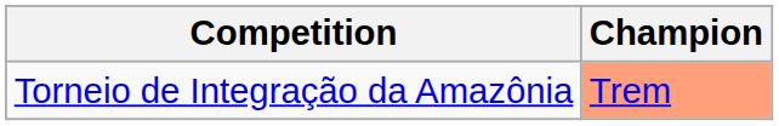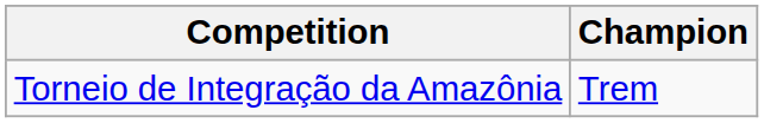 <table class="wikitable">
 <tr>
 <th>Competition</th>
 <th>Champion</th>
 </tr>
 <tr>
 <td><a href='#'>Torneio de Integração da Amazônia</a></td>
-<td style="background: lightsalmon;"><a href='#'>Trem</a></td>
+<td><a href='#'>Trem</a></td>
 </tr>
 </table>
